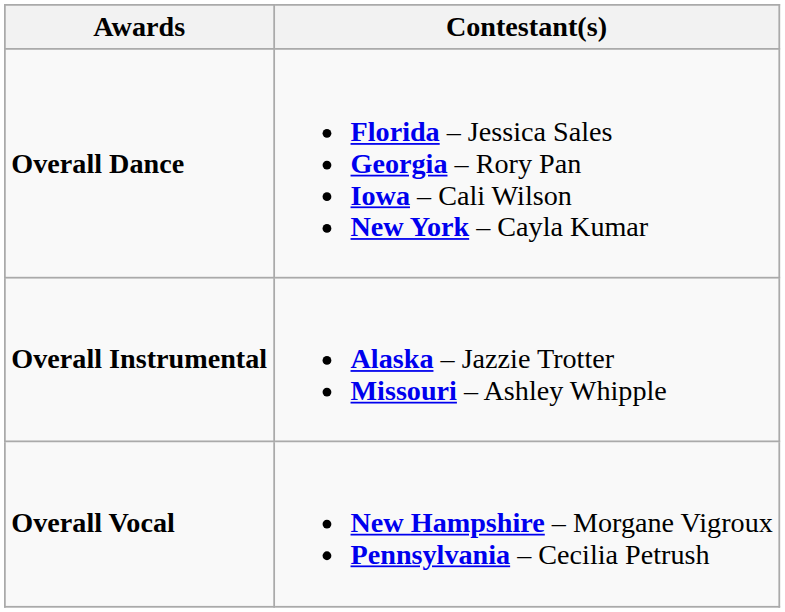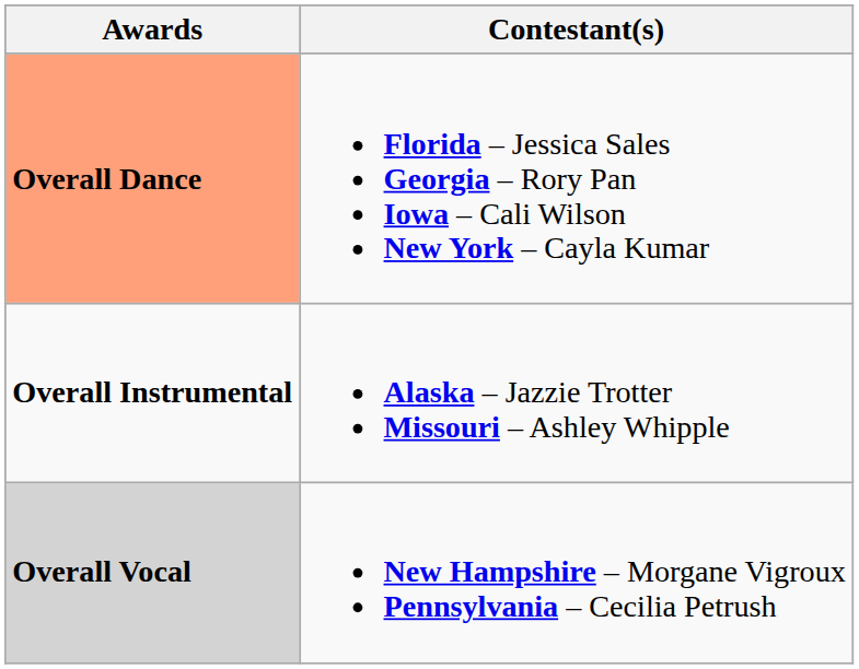 <table class="wikitable">
 <tr>
 <th>Awards</th>
 <th>Contestant(s)</th>
 </tr>
 <tr>
-<td><strong>Overall Dance</strong></td>
+<td style="background: lightsalmon;"><strong>Overall Dance</strong></td>
 <td><br><ul><li> <strong><a href='#'>Florida</a></strong> – Jessica Sales</li><li> <strong><a href='#'>Georgia</a></strong> – Rory Pan</li><li> <strong><a href='#'>Iowa</a></strong> – Cali Wilson</li><li> <strong><a href='#'>New York</a></strong> – Cayla Kumar</li></ul></td>
 </tr>
 <tr>
 <td><strong>Overall Instrumental</strong></td>
 <td><br><ul><li> <strong><a href='#'>Alaska</a></strong> – Jazzie Trotter</li><li> <strong><a href='#'>Missouri</a></strong> – Ashley Whipple</li></ul></td>
 </tr>
 <tr>
-<td><strong>Overall Vocal</strong></td>
+<td style="background: lightgrey;"><strong>Overall Vocal</strong></td>
 <td><br><ul><li> <strong><a href='#'>New Hampshire</a></strong> – Morgane Vigroux</li><li> <strong><a href='#'>Pennsylvania</a></strong> – Cecilia Petrush</li></ul></td>
 </tr>
 </table>
